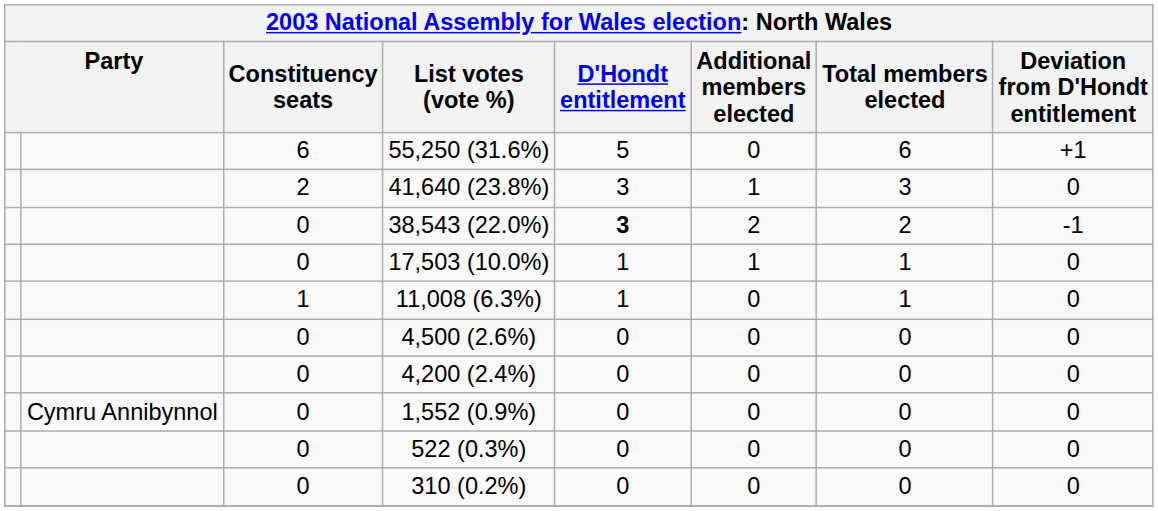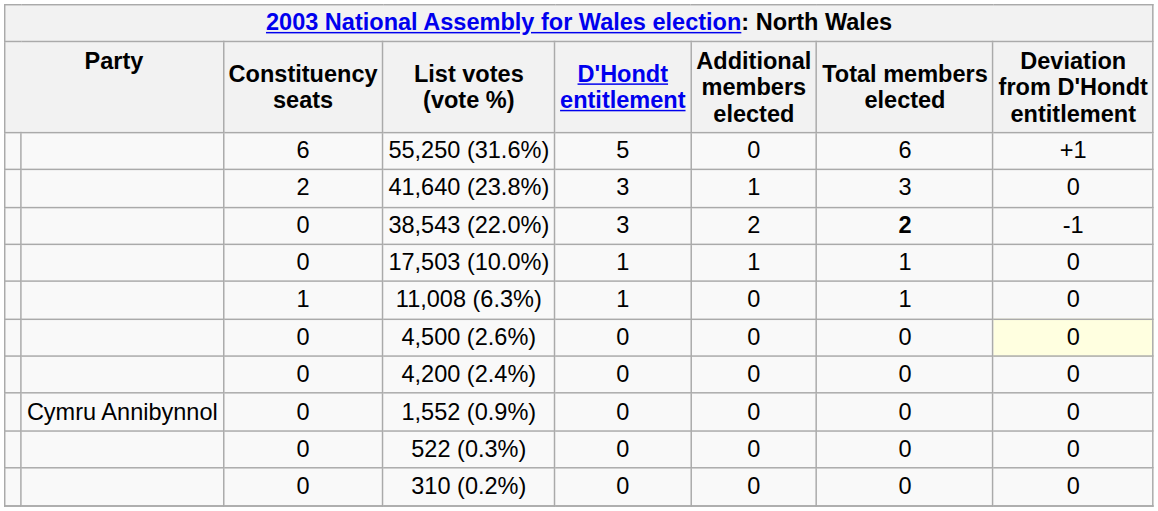 <table class="wikitable" style="text-align:center">
 <tr>
 <th colspan=9><a href='#'>2003 National Assembly for Wales election</a>: North Wales</th>
 </tr>
 <tr>
 <th colspan="2" rowspan="1" align="center" valign="top">Party</th>
 <th>Constituency<br>seats</th>
 <th>List votes<br>(vote %)</th>
 <th><a href='#'>D'Hondt<br>entitlement</a></th>
 <th>Additional<br>members<br>elected</th>
 <th>Total members<br>elected</th>
 <th>Deviation<br>from D'Hondt<br>entitlement</th>
 </tr>
 <tr>
 <td style="width: 4px" bgcolor=></td>
 <td style="text-align: left;" scope="row"><strong><a href='#'></a></strong></td>
 <td>6</td>
 <td>55,250 (31.6%)</td>
 <td>5</td>
 <td>0</td>
 <td>6</td>
 <td>+1</td>
 </tr>
 <tr>
 <td style="width: 4px" bgcolor=></td>
 <td style="text-align: left;" scope="row"><strong><a href='#'></a></strong></td>
 <td>2</td>
 <td>41,640 (23.8%)</td>
 <td>3</td>
 <td>1</td>
 <td>3</td>
 <td>0</td>
 </tr>
 <tr>
 <td style="width: 4px" bgcolor=></td>
 <td style="text-align: left;" scope="row"><strong><a href='#'></a></strong></td>
 <td>0</td>
 <td>38,543 (22.0%)</td>
-<td><strong>3</strong></td>
+<td>3</td>
 <td>2</td>
-<td>2</td>
+<td><strong>2</strong></td>
 <td>-1</td>
 </tr>
 <tr>
 <td style="width: 4px" bgcolor=></td>
 <td style="text-align: left;" scope="row"><strong><a href='#'></a></strong></td>
 <td>0</td>
 <td>17,503 (10.0%)</td>
 <td>1</td>
 <td>1</td>
 <td>1</td>
 <td>0</td>
 </tr>
 <tr>
 <td style="width: 4px" bgcolor=></td>
 <td style="text-align: left;" scope="row"><strong><a href='#'></a></strong></td>
 <td>1</td>
 <td>11,008 (6.3%)</td>
 <td>1</td>
 <td>0</td>
 <td>1</td>
 <td>0</td>
 </tr>
 <tr>
 <td style="width: 4px" bgcolor=></td>
 <td style="text-align: left;" scope="row"><a href='#'></a></td>
 <td>0</td>
 <td>4,500 (2.6%)</td>
 <td>0</td>
 <td>0</td>
 <td>0</td>
-<td>0</td>
+<td style="background: lightyellow;">0</td>
 </tr>
 <tr>
 <td style="width: 4px" bgcolor=></td>
 <td style="text-align: left;" scope="row"><a href='#'></a></td>
 <td>0</td>
 <td>4,200 (2.4%)</td>
 <td>0</td>
 <td>0</td>
 <td>0</td>
 <td>0</td>
 </tr>
 <tr>
 <td></td>
 <td style="text-align: left;" scope="row">Cymru Annibynnol</td>
 <td>0</td>
 <td>1,552 (0.9%)</td>
 <td>0</td>
 <td>0</td>
 <td>0</td>
 <td>0</td>
 </tr>
 <tr>
 <td style="width: 4px" bgcolor=></td>
 <td style="text-align: left;" scope="row"><a href='#'></a></td>
 <td>0</td>
 <td>522 (0.3%)</td>
 <td>0</td>
 <td>0</td>
 <td>0</td>
 <td>0</td>
 </tr>
 <tr>
 <td style="width: 4px" bgcolor=></td>
 <td style="text-align: left;" scope="row"><a href='#'></a></td>
 <td>0</td>
 <td>310 (0.2%)</td>
 <td>0</td>
 <td>0</td>
 <td>0</td>
 <td>0</td>
 </tr>
 <tr>
 </tr>
 </table>
